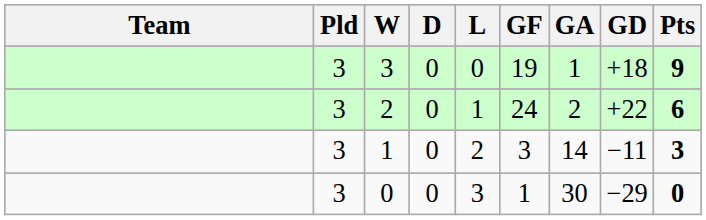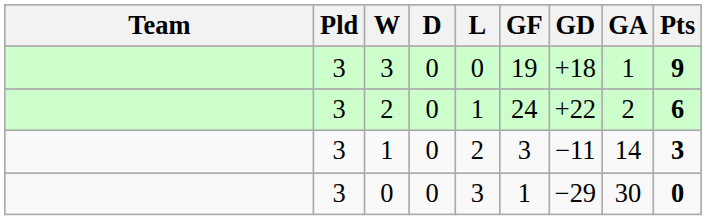 <table class="wikitable" style="text-align:center;">
 <tr>
 <th width=180>Team</th>
 <th width=20>Pld</th>
 <th width=20>W</th>
 <th width=20>D</th>
 <th width=20>L</th>
 <th width=20>GF</th>
+<th width=20>GD</th>
 <th width=20>GA</th>
-<th width=20>GD</th>
 <th width=20>Pts</th>
 </tr>
 <tr bgcolor=ccffcc>
 <td align="left"></td>
 <td>3</td>
 <td>3</td>
 <td>0</td>
 <td>0</td>
 <td>19</td>
+<td>+18</td>
 <td>1</td>
-<td>+18</td>
 <td><strong>9</strong></td>
 </tr>
 <tr bgcolor=ccffcc>
 <td align="left"></td>
 <td>3</td>
 <td>2</td>
 <td>0</td>
 <td>1</td>
 <td>24</td>
+<td>+22</td>
 <td>2</td>
-<td>+22</td>
 <td><strong>6</strong></td>
 </tr>
 <tr>
 <td align="left"><em></em></td>
 <td>3</td>
 <td>1</td>
 <td>0</td>
 <td>2</td>
 <td>3</td>
+<td>−11</td>
 <td>14</td>
-<td>−11</td>
 <td><strong>3</strong></td>
 </tr>
 <tr>
 <td align="left"></td>
 <td>3</td>
 <td>0</td>
 <td>0</td>
 <td>3</td>
 <td>1</td>
+<td>−29</td>
 <td>30</td>
-<td>−29</td>
 <td><strong>0</strong></td>
 </tr>
 </table>
